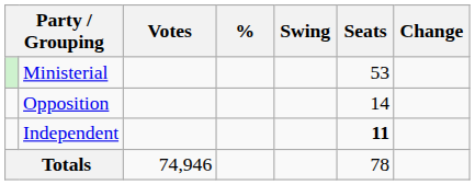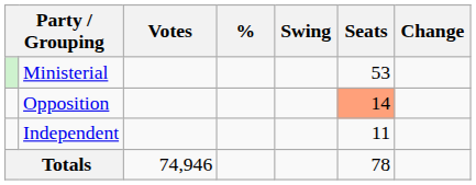 <table class="wikitable" style="text-align:right; margin-bottom:0">
 <tr>
 <th style="width:10px;" colspan=3>Party / Grouping</th>
 <th style="width:70px;">Votes</th>
 <th style="width:40px;">%</th>
 <th style="width:40px;">Swing</th>
 <th style="width:40px;">Seats</th>
 <th style="width:40px;">Change</th>
 </tr>
 <tr>
 <td style="text-align:left;background:#CEF2CE"> </td>
 <td style="text-align:left;" colspan="2"><a href='#'>Ministerial</a></td>
 <td style="width:70px;"></td>
 <td style="width:40px;"></td>
 <td style="width:45px;"></td>
 <td style="width:40px;">53</td>
 <td style="width:55px;"></td>
 </tr>
 <tr>
 <td> </td>
 <td style="text-align:left;" colspan="2"><a href='#'>Opposition</a></td>
 <td style="width:70px;"></td>
 <td style="width:40px;"></td>
 <td style="width:45px;"></td>
-<td style="width:40px;">14</td>
+<td style="background: lightsalmon; width:40px;">14</td>
 <td style="width:55px;"></td>
 </tr>
 <tr>
 <td> </td>
 <td style="text-align:left;" colspan="2"><a href='#'>Independent</a></td>
 <td style="width:70px;"></td>
 <td style="width:40px;"></td>
 <td style="width:45px;"></td>
-<td style="width:40px;"><strong>11</strong></td>
+<td style="width:40px;">11</td>
 <td style="width:55px;"></td>
 </tr>
 <tr>
 <th colspan="3"> Totals</th>
 <td>74,946</td>
 <td></td>
 <td></td>
 <td>78</td>
 <td></td>
 </tr>
 </table>
